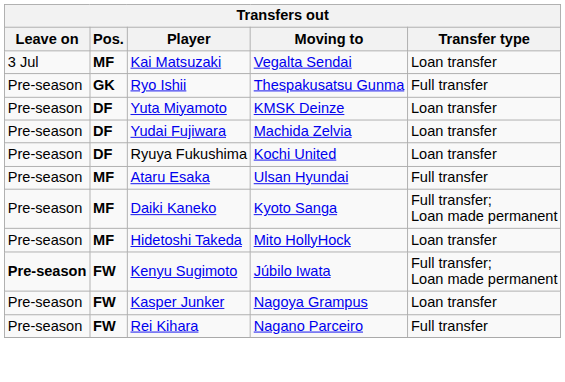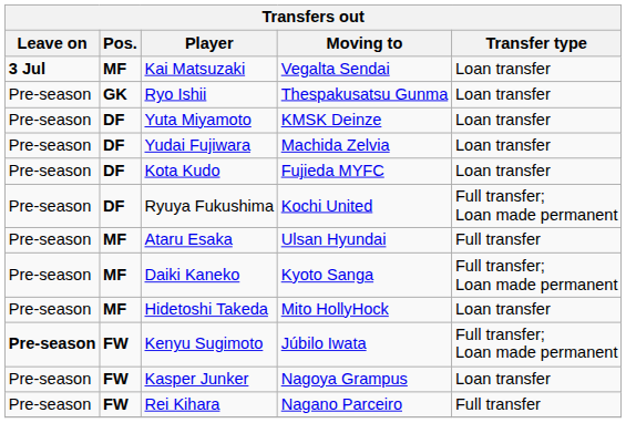 <table class="wikitable sortable" style=“text-align:left;>
 <tr>
 <th colspan="5">Transfers out</th>
 </tr>
 <tr>
 <th>Leave on</th>
 <th>Pos.</th>
 <th>Player</th>
 <th>Moving to</th>
 <th>Transfer type</th>
 </tr>
 <tr>
-<td>3 Jul</td>
+<td><strong>3 Jul</strong></td>
 <td><strong>MF</strong></td>
 <td> <a href='#'>Kai Matsuzaki</a></td>
 <td> <a href='#'>Vegalta Sendai</a></td>
 <td>Loan transfer</td>
 </tr>
 <tr>
 <td>Pre-season</td>
 <td><strong>GK</strong></td>
 <td> <a href='#'>Ryo Ishii</a></td>
 <td> <a href='#'>Thespakusatsu Gunma</a></td>
-<td>Full transfer</td>
+<td>Loan transfer</td>
 </tr>
 <tr>
 <td>Pre-season</td>
 <td><strong>DF</strong></td>
 <td> <a href='#'>Yuta Miyamoto</a></td>
 <td> <a href='#'>KMSK Deinze</a></td>
 <td>Loan transfer</td>
 </tr>
 <tr>
 <td>Pre-season</td>
 <td><strong>DF</strong></td>
 <td> <a href='#'>Yudai Fujiwara</a></td>
 <td> <a href='#'>Machida Zelvia</a></td>
 <td>Loan transfer</td>
 </tr>
 <tr>
 <td>Pre-season</td>
 <td><strong>DF</strong></td>
+<td> <a href='#'>Kota Kudo</a></td>
+<td> <a href='#'>Fujieda MYFC</a></td>
+<td>Loan transfer</td>
+</tr>
+<tr>
+<td>Pre-season</td>
+<td><strong>DF</strong></td>
 <td> Ryuya Fukushima</td>
 <td> <a href='#'>Kochi United</a></td>
-<td>Loan transfer</td>
+<td>Full transfer;<br> Loan made permanent</td>
 </tr>
 <tr>
 <td>Pre-season</td>
 <td><strong>MF</strong></td>
 <td> <a href='#'>Ataru Esaka</a></td>
 <td> <a href='#'>Ulsan Hyundai</a></td>
 <td>Full transfer</td>
 </tr>
 <tr>
 <td>Pre-season</td>
 <td><strong>MF</strong></td>
 <td> <a href='#'>Daiki Kaneko</a></td>
 <td> <a href='#'>Kyoto Sanga</a></td>
 <td>Full transfer;<br> Loan made permanent</td>
 </tr>
 <tr>
 <td>Pre-season</td>
 <td><strong>MF</strong></td>
 <td> <a href='#'>Hidetoshi Takeda</a></td>
 <td> <a href='#'>Mito HollyHock</a></td>
 <td>Loan transfer</td>
 </tr>
 <tr>
 <td><strong>Pre-season</strong></td>
 <td><strong>FW</strong></td>
 <td> <a href='#'>Kenyu Sugimoto</a></td>
 <td> <a href='#'>Júbilo Iwata</a></td>
 <td>Full transfer;<br> Loan made permanent</td>
 </tr>
 <tr>
 <td>Pre-season</td>
 <td><strong>FW</strong></td>
 <td> <a href='#'>Kasper Junker</a></td>
 <td> <a href='#'>Nagoya Grampus</a></td>
 <td>Loan transfer</td>
 </tr>
 <tr>
 <td>Pre-season</td>
 <td><strong>FW</strong></td>
 <td> <a href='#'>Rei Kihara</a></td>
 <td> <a href='#'>Nagano Parceiro</a></td>
 <td>Full transfer</td>
 </tr>
 <tr>
 </tr>
 </table>
